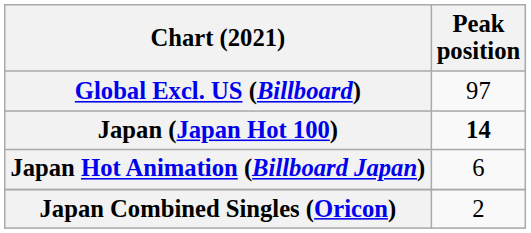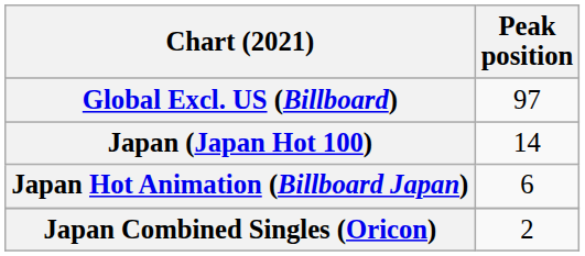 <table class="wikitable sortable plainrowheaders" style="text-align:center">
 <tr>
 <th scope="col">Chart (2021)</th>
 <th scope="col">Peak<br>position</th>
 </tr>
 <tr>
 <th scope="row"><a href='#'>Global Excl. US</a> (<em><a href='#'>Billboard</a></em>)</th>
 <td>97</td>
 </tr>
 <tr>
 <th scope="row">Japan (<a href='#'>Japan Hot 100</a>)</th>
-<td><strong>14</strong></td>
+<td>14</td>
 </tr>
 <tr>
 <th scope="row">Japan <a href='#'>Hot Animation</a> (<em><a href='#'>Billboard Japan</a></em>)</th>
 <td>6</td>
 </tr>
 <tr>
 </tr>
 <tr>
 <th scope="row">Japan Combined Singles (<a href='#'>Oricon</a>)</th>
 <td>2</td>
 </tr>
 </table>
